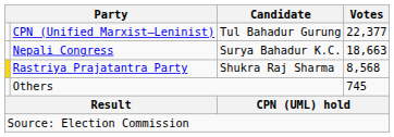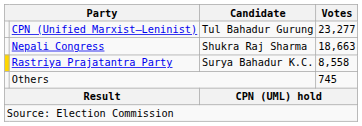 <table class="wikitable">
 <tr>
 <th colspan="2">Party</th>
 <th>Candidate</th>
 <th>Votes</th>
 </tr>
 <tr>
 <td style="background-color:"></td>
 <td><a href='#'>CPN (Unified Marxist–Leninist)</a></td>
 <td>Tul Bahadur Gurung</td>
-<td>22,377</td>
+<td>23,277</td>
 </tr>
 <tr>
 <td style="background-color:"></td>
 <td><a href='#'>Nepali Congress</a></td>
-<td>Surya Bahadur K.C.</td>
+<td>Shukra Raj Sharma</td>
 <td>18,663</td>
 </tr>
 <tr>
 <td style="background-color:gold"></td>
 <td><a href='#'>Rastriya Prajatantra Party</a></td>
-<td>Shukra Raj Sharma</td>
-<td>8,568</td>
+<td>Surya Bahadur K.C.</td>
+<td>8,558</td>
 </tr>
 <tr>
 <td></td>
 <td colspan="2">Others</td>
 <td>745</td>
 </tr>
 <tr>
 <th colspan="2">Result</th>
 <th colspan="2">CPN (UML) hold</th>
 </tr>
 <tr>
 <td colspan="4">Source: Election Commission</td>
 </tr>
 </table>
